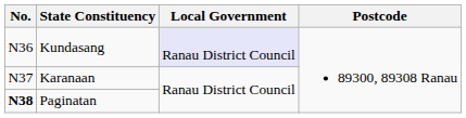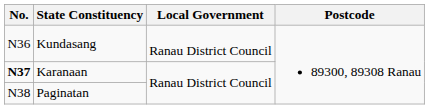 <table class="wikitable">
 <tr>
 <th>No.</th>
 <th>State Constituency</th>
 <th>Local Government</th>
 <th>Postcode</th>
 </tr>
 <tr>
 <td>N36</td>
 <td>Kundasang</td>
-<td style="background: lavender;"><br>Ranau District Council</td>
+<td><br>Ranau District Council</td>
 <td rowspan="3"><br><ul><li>89300, 89308 Ranau</li></ul></td>
 </tr>
 <tr>
-<td>N37</td>
+<td><strong>N37</strong></td>
 <td>Karanaan</td>
 <td rowspan="2">Ranau District Council</td>
 </tr>
 <tr>
-<td><strong>N38</strong></td>
+<td>N38</td>
 <td>Paginatan</td>
 </tr>
 </table>
